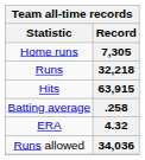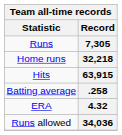 <table class="wikitable sortable" style="text-align:center">
 <tr>
 <th colspan=5>Team all-time records</th>
 </tr>
 <tr>
 <th scope="col">Statistic</th>
 <th scope="col" class="unsortable">Record</th>
 </tr>
 <tr>
-<td><a href='#'>Home runs</a></td>
+<td><a href='#'>Runs</a></td>
 <th scope="row">7,305</th>
 </tr>
 <tr>
-<td><a href='#'>Runs</a></td>
+<td><a href='#'>Home runs</a></td>
 <th scope="row">32,218</th>
 </tr>
 <tr>
 <td><a href='#'>Hits</a></td>
 <th scope="row">63,915</th>
 </tr>
 <tr>
 <td><a href='#'>Batting average</a></td>
 <th scope="row">.258</th>
 </tr>
 <tr>
 <td><a href='#'>ERA</a></td>
 <th scope="row">4.32</th>
 </tr>
 <tr>
 <td><a href='#'>Runs</a> allowed</td>
 <th scope="row">34,036</th>
 </tr>
 <tr>
 </tr>
 </table>
